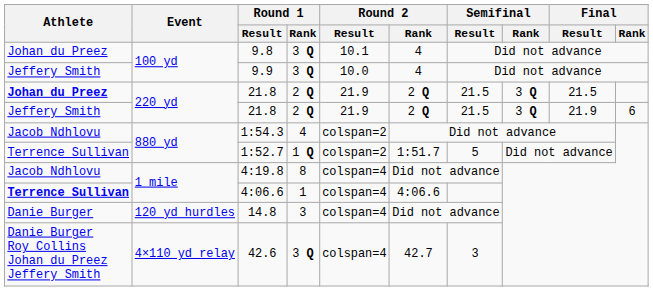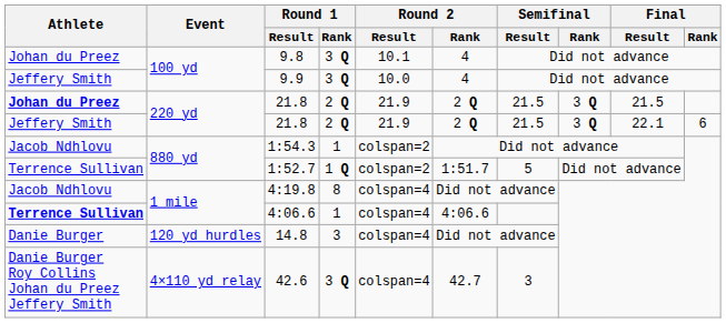 <table class=wikitable style=font-size:90%>
 <tr>
 <th rowspan=2>Athlete</th>
 <th rowspan=2>Event</th>
 <th colspan=2>Round 1</th>
 <th colspan=2>Round 2</th>
 <th colspan=2>Semifinal</th>
 <th colspan=2>Final</th>
 </tr>
 <tr style=font-size:95%>
 <th>Result</th>
 <th>Rank</th>
 <th>Result</th>
 <th>Rank</th>
 <th>Result</th>
 <th>Rank</th>
 <th>Result</th>
 <th>Rank</th>
 </tr>
 <tr align=center>
 <td align=left><a href='#'>Johan du Preez</a></td>
 <td align=left rowspan=2><a href='#'>100 yd</a></td>
 <td>9.8</td>
 <td>3 <strong>Q</strong></td>
 <td>10.1</td>
 <td>4</td>
 <td colspan=4>Did not advance</td>
 </tr>
 <tr align=center>
 <td align=left><a href='#'>Jeffery Smith</a></td>
 <td>9.9</td>
 <td>3 <strong>Q</strong></td>
 <td>10.0</td>
 <td>4</td>
 <td colspan=4>Did not advance</td>
 </tr>
 <tr align=center>
 <td align=left><strong><a href='#'>Johan du Preez</a></strong></td>
 <td align=left rowspan=2><a href='#'>220 yd</a></td>
 <td>21.8</td>
 <td>2 <strong>Q</strong></td>
 <td>21.9</td>
 <td>2 <strong>Q</strong></td>
 <td>21.5</td>
 <td>3 <strong>Q</strong></td>
 <td>21.5</td>
 <td></td>
 </tr>
 <tr align=center>
 <td align=left><a href='#'>Jeffery Smith</a></td>
 <td>21.8</td>
 <td>2 <strong>Q</strong></td>
 <td>21.9</td>
 <td>2 <strong>Q</strong></td>
 <td>21.5</td>
 <td>3 <strong>Q</strong></td>
-<td>21.9</td>
+<td>22.1</td>
 <td>6</td>
 </tr>
 <tr align=center>
 <td align=left><a href='#'>Jacob Ndhlovu</a></td>
 <td align=left rowspan=2><a href='#'>880 yd</a></td>
 <td>1:54.3</td>
-<td>4</td>
+<td>1</td>
 <td>colspan=2 </td>
 <td colspan=4>Did not advance</td>
 </tr>
 <tr align=center>
 <td align=left><a href='#'>Terrence Sullivan</a></td>
 <td>1:52.7</td>
 <td>1 <strong>Q</strong></td>
 <td>colspan=2 </td>
 <td>1:51.7</td>
 <td>5</td>
 <td colspan=2>Did not advance</td>
 </tr>
 <tr align=center>
 <td align=left><a href='#'>Jacob Ndhlovu</a></td>
 <td align=left rowspan=2><a href='#'>1 mile</a></td>
 <td>4:19.8</td>
 <td>8</td>
 <td>colspan=4 </td>
 <td colspan=2>Did not advance</td>
 </tr>
 <tr align=center>
 <td align=left><strong><a href='#'>Terrence Sullivan</a></strong></td>
 <td>4:06.6</td>
 <td>1</td>
 <td>colspan=4 </td>
 <td>4:06.6</td>
 <td></td>
 </tr>
 <tr align=center>
 <td align=left><a href='#'>Danie Burger</a></td>
 <td align=left><a href='#'>120 yd hurdles</a></td>
 <td>14.8</td>
 <td>3</td>
 <td>colspan=4 </td>
 <td colspan=2>Did not advance</td>
 </tr>
 <tr align=center>
 <td align=left><a href='#'>Danie Burger</a><br><a href='#'>Roy Collins</a><br><a href='#'>Johan du Preez</a><br><a href='#'>Jeffery Smith</a></td>
 <td align=left><a href='#'>4×110 yd relay</a></td>
 <td>42.6</td>
 <td>3 <strong>Q</strong></td>
 <td>colspan=4 </td>
 <td>42.7</td>
 <td>3</td>
 </tr>
 </table>
